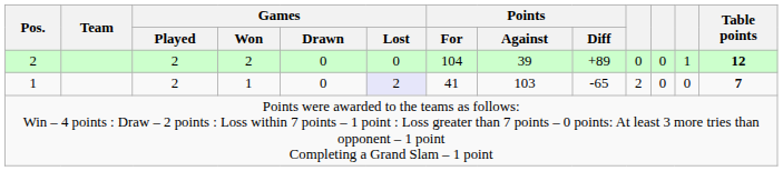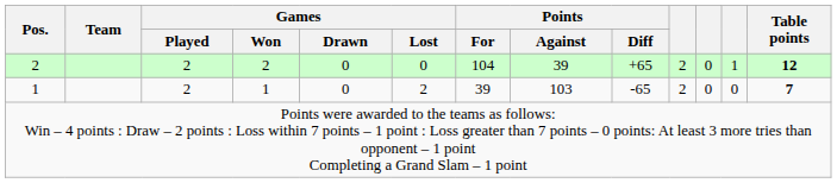 <table class="wikitable" style="text-align:center">
 <tr>
 <th rowspan="2">Pos.</th>
 <th rowspan="2">Team</th>
 <th colspan="4">Games</th>
 <th colspan="3">Points</th>
 <th rowspan="2"></th>
 <th rowspan="2"></th>
 <th rowspan="2"></th>
 <th rowspan="2">Table<br>points</th>
 </tr>
 <tr>
 <th>Played</th>
 <th>Won</th>
 <th>Drawn</th>
 <th>Lost</th>
 <th>For</th>
 <th>Against</th>
 <th>Diff</th>
 </tr>
 <tr style="background:#cfc">
 <td>2</td>
 <td align=left></td>
 <td>2</td>
 <td>2</td>
 <td>0</td>
 <td>0</td>
 <td>104</td>
 <td>39</td>
-<td>+89</td>
-<td>0</td>
+<td>+65</td>
+<td>2</td>
 <td>0</td>
 <td>1</td>
 <td><strong>12</strong></td>
 </tr>
 <tr>
 <td>1</td>
 <td align=left></td>
 <td>2</td>
 <td>1</td>
 <td>0</td>
-<td style="background: lavender;">2</td>
-<td>41</td>
+<td>2</td>
+<td>39</td>
 <td>103</td>
 <td>-65</td>
 <td>2</td>
 <td>0</td>
 <td>0</td>
 <td><strong>7</strong></td>
 </tr>
 <tr>
 <td colspan="13">Points were awarded to the teams as follows:<br>Win – 4 points : Draw – 2 points : Loss within 7 points – 1 point : Loss greater than 7 points – 0 points: At least 3 more tries than opponent – 1 point<br>Completing a Grand Slam – 1 point</td>
 </tr>
 </table>
